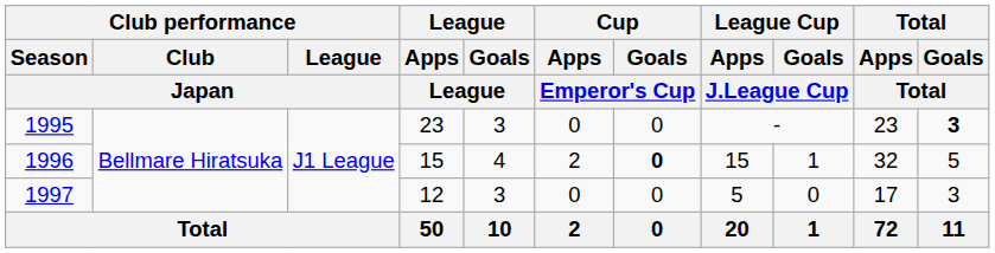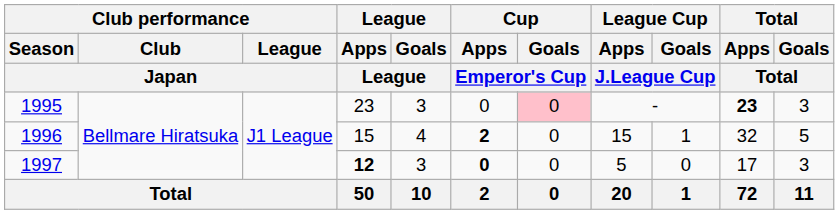 <table class="wikitable" style="text-align:center;">
 <tr>
 <th colspan=3>Club performance</th>
 <th colspan=2>League</th>
 <th colspan=2>Cup</th>
 <th colspan=2>League Cup</th>
 <th colspan=2>Total</th>
 </tr>
 <tr>
 <th>Season</th>
 <th>Club</th>
 <th>League</th>
 <th>Apps</th>
 <th>Goals</th>
 <th>Apps</th>
 <th>Goals</th>
 <th>Apps</th>
 <th>Goals</th>
 <th>Apps</th>
 <th>Goals</th>
 </tr>
 <tr>
 <th colspan=3>Japan</th>
 <th colspan=2>League</th>
 <th colspan=2><a href='#'>Emperor's Cup</a></th>
 <th colspan=2><a href='#'>J.League Cup</a></th>
 <th colspan=2>Total</th>
 </tr>
 <tr>
 <td><a href='#'>1995</a></td>
 <td rowspan=3><a href='#'>Bellmare Hiratsuka</a></td>
 <td rowspan=3><a href='#'>J1 League</a></td>
 <td>23</td>
 <td>3</td>
 <td>0</td>
-<td>0</td>
+<td style="background: pink;">0</td>
 <td colspan=2>-</td>
-<td>23</td>
-<td><strong>3</strong></td>
+<td><strong>23</strong></td>
+<td>3</td>
 </tr>
 <tr>
 <td><a href='#'>1996</a></td>
 <td>15</td>
 <td>4</td>
-<td>2</td>
-<td><strong>0</strong></td>
+<td><strong>2</strong></td>
+<td>0</td>
 <td>15</td>
 <td>1</td>
 <td>32</td>
 <td>5</td>
 </tr>
 <tr>
 <td><a href='#'>1997</a></td>
-<td>12</td>
+<td><strong>12</strong></td>
 <td>3</td>
-<td>0</td>
+<td><strong>0</strong></td>
 <td>0</td>
 <td>5</td>
 <td>0</td>
 <td>17</td>
 <td>3</td>
 </tr>
 <tr>
 <th colspan=3>Total</th>
 <th>50</th>
 <th>10</th>
 <th>2</th>
 <th>0</th>
 <th>20</th>
 <th>1</th>
 <th>72</th>
 <th>11</th>
 </tr>
 </table>
